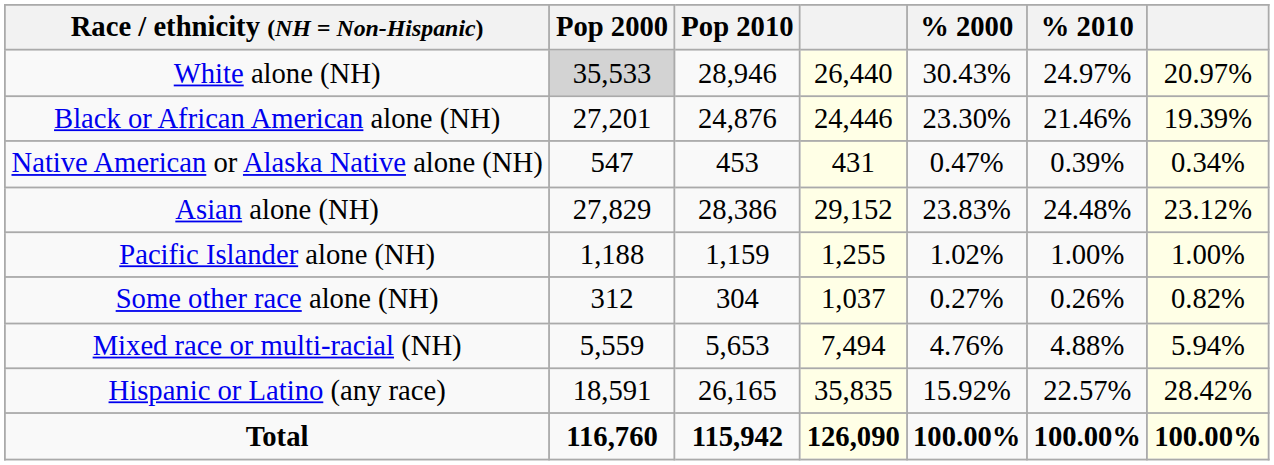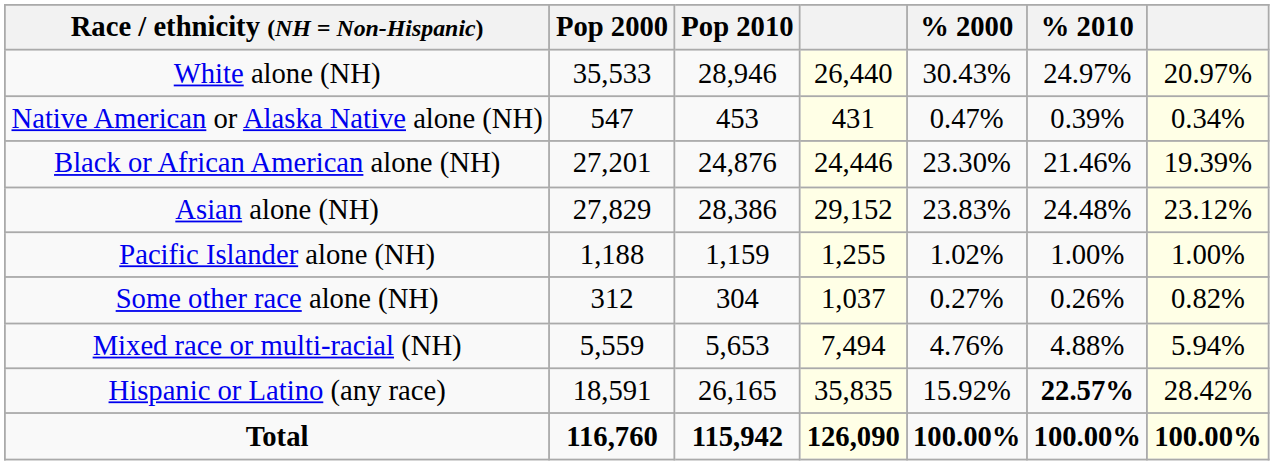 <table class="wikitable" style="text-align:center;">
 <tr>
 <th>Race / ethnicity <small>(<em>NH = Non-Hispanic</em>)</small></th>
 <th>Pop 2000</th>
 <th>Pop 2010</th>
 <th></th>
 <th>% 2000</th>
 <th>% 2010</th>
 <th></th>
 </tr>
 <tr>
 <td><a href='#'>White</a> alone (NH)</td>
-<td style="background: lightgrey;">35,533</td>
+<td>35,533</td>
 <td>28,946</td>
 <td style='background: #ffffe6;'>26,440</td>
 <td>30.43%</td>
 <td>24.97%</td>
 <td style='background: #ffffe6;'>20.97%</td>
+</tr>
+<tr>
+<td><a href='#'>Native American</a> or <a href='#'>Alaska Native</a> alone (NH)</td>
+<td>547</td>
+<td>453</td>
+<td style='background: #ffffe6;'>431</td>
+<td>0.47%</td>
+<td>0.39%</td>
+<td style='background: #ffffe6;'>0.34%</td>
 </tr>
 <tr>
 <td><a href='#'>Black or African American</a> alone (NH)</td>
 <td>27,201</td>
 <td>24,876</td>
 <td style='background: #ffffe6;'>24,446</td>
 <td>23.30%</td>
 <td>21.46%</td>
 <td style='background: #ffffe6;'>19.39%</td>
-</tr>
-<tr>
-<td><a href='#'>Native American</a> or <a href='#'>Alaska Native</a> alone (NH)</td>
-<td>547</td>
-<td>453</td>
-<td style='background: #ffffe6;'>431</td>
-<td>0.47%</td>
-<td>0.39%</td>
-<td style='background: #ffffe6;'>0.34%</td>
 </tr>
 <tr>
 <td><a href='#'>Asian</a> alone (NH)</td>
 <td>27,829</td>
 <td>28,386</td>
 <td style='background: #ffffe6;'>29,152</td>
 <td>23.83%</td>
 <td>24.48%</td>
 <td style='background: #ffffe6;'>23.12%</td>
 </tr>
 <tr>
 <td><a href='#'>Pacific Islander</a> alone (NH)</td>
 <td>1,188</td>
 <td>1,159</td>
 <td style='background: #ffffe6;'>1,255</td>
 <td>1.02%</td>
 <td>1.00%</td>
 <td style='background: #ffffe6;'>1.00%</td>
 </tr>
 <tr>
 <td><a href='#'>Some other race</a> alone (NH)</td>
 <td>312</td>
 <td>304</td>
 <td style='background: #ffffe6;'>1,037</td>
 <td>0.27%</td>
 <td>0.26%</td>
 <td style='background: #ffffe6;'>0.82%</td>
 </tr>
 <tr>
 <td><a href='#'>Mixed race or multi-racial</a> (NH)</td>
 <td>5,559</td>
 <td>5,653</td>
 <td style='background: #ffffe6;'>7,494</td>
 <td>4.76%</td>
 <td>4.88%</td>
 <td style='background: #ffffe6;'>5.94%</td>
 </tr>
 <tr>
 <td><a href='#'>Hispanic or Latino</a> (any race)</td>
 <td>18,591</td>
 <td>26,165</td>
 <td style='background: #ffffe6;'>35,835</td>
 <td>15.92%</td>
-<td>22.57%</td>
+<td><strong>22.57%</strong></td>
 <td style='background: #ffffe6;'>28.42%</td>
 </tr>
 <tr>
 <td><strong>Total</strong></td>
 <td><strong>116,760</strong></td>
 <td><strong>115,942</strong></td>
 <td style='background: #ffffe6;'><strong>126,090</strong></td>
 <td><strong>100.00%</strong></td>
 <td><strong>100.00%</strong></td>
 <td style='background: #ffffe6;'><strong>100.00%</strong></td>
 </tr>
 </table>
